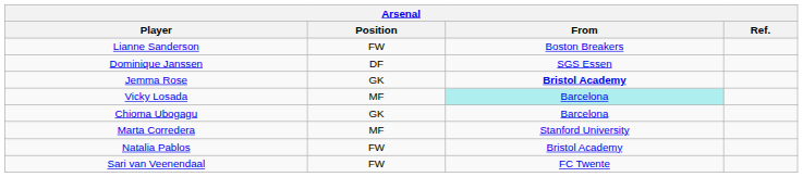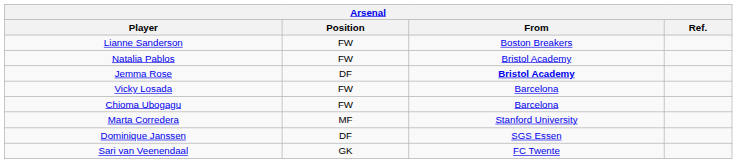 <table class="wikitable sortable collapsible collapsed" style="font-size:95%; text-align: center; width: 90%;">
 <tr>
 <th colspan="4"  style="with:100%; text-align:center;"><strong><a href='#'>Arsenal</a></strong></th>
 </tr>
 <tr>
 <th>Player</th>
 <th>Position</th>
 <th>From</th>
 <th>Ref.</th>
 </tr>
 <tr>
 <td> <a href='#'>Lianne Sanderson</a></td>
 <td>FW</td>
 <td><a href='#'>Boston Breakers</a></td>
 <td></td>
 </tr>
 <tr>
-<td> <a href='#'>Dominique Janssen</a></td>
-<td>DF</td>
-<td><a href='#'>SGS Essen</a></td>
+<td> <a href='#'>Natalia Pablos</a></td>
+<td>FW</td>
+<td><a href='#'>Bristol Academy</a></td>
 <td></td>
 </tr>
 <tr>
 <td> <a href='#'>Jemma Rose</a></td>
-<td>GK</td>
+<td>DF</td>
 <td><strong><a href='#'>Bristol Academy</a></strong></td>
 <td></td>
 </tr>
 <tr>
 <td> <a href='#'>Vicky Losada</a></td>
-<td>MF</td>
-<td style="background: paleturquoise;"><a href='#'>Barcelona</a></td>
+<td>FW</td>
+<td><a href='#'>Barcelona</a></td>
 <td></td>
 </tr>
 <tr>
 <td> <a href='#'>Chioma Ubogagu</a></td>
-<td>GK</td>
+<td>FW</td>
 <td><a href='#'>Barcelona</a></td>
 <td></td>
 </tr>
 <tr>
 <td> <a href='#'>Marta Corredera</a></td>
 <td>MF</td>
 <td><a href='#'>Stanford University</a></td>
 <td></td>
 </tr>
 <tr>
-<td> <a href='#'>Natalia Pablos</a></td>
-<td>FW</td>
-<td><a href='#'>Bristol Academy</a></td>
+<td> <a href='#'>Dominique Janssen</a></td>
+<td>DF</td>
+<td><a href='#'>SGS Essen</a></td>
 <td></td>
 </tr>
 <tr>
 <td> <a href='#'>Sari van Veenendaal</a></td>
-<td>FW</td>
+<td>GK</td>
 <td><a href='#'>FC Twente</a></td>
 <td></td>
 </tr>
 </table>
